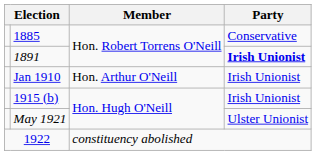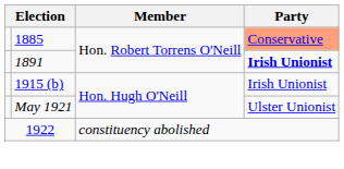 <table class="wikitable">
 <tr>
 <th colspan="2">Election</th>
 <th>Member</th>
 <th>Party</th>
 </tr>
 <tr>
 <td style="color:inherit;background-color: "></td>
 <td><a href='#'>1885</a></td>
 <td rowspan="2">Hon. <a href='#'>Robert Torrens O'Neill</a></td>
-<td><a href='#'>Conservative</a></td>
+<td style="background: lightsalmon;"><a href='#'>Conservative</a></td>
 </tr>
 <tr>
 <td style="color:inherit;background-color: "></td>
 <td><em>1891</em></td>
 <td><strong><a href='#'>Irish Unionist</a></strong></td>
-</tr>
-<tr>
-<td style="color:inherit;background-color: "></td>
-<td><a href='#'>Jan 1910</a></td>
-<td>Hon. <a href='#'>Arthur O'Neill</a></td>
-<td><a href='#'>Irish Unionist</a></td>
 </tr>
 <tr>
 <td style="color:inherit;background-color: "></td>
 <td><a href='#'>1915 (b)</a></td>
 <td rowspan="2"><a href='#'>Hon. Hugh O'Neill</a></td>
 <td><a href='#'>Irish Unionist</a></td>
 </tr>
 <tr>
 <td style="color:inherit;background-color: "></td>
 <td><em>May 1921</em></td>
 <td><a href='#'>Ulster Unionist</a></td>
 </tr>
 <tr>
 <td colspan="2" align="center"><a href='#'>1922</a></td>
 <td colspan="2"><em>constituency abolished</em></td>
 </tr>
 </table>
